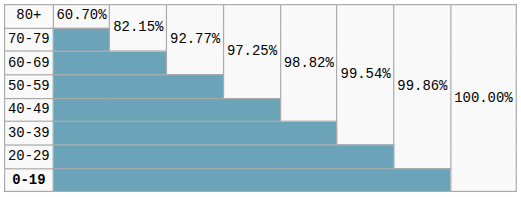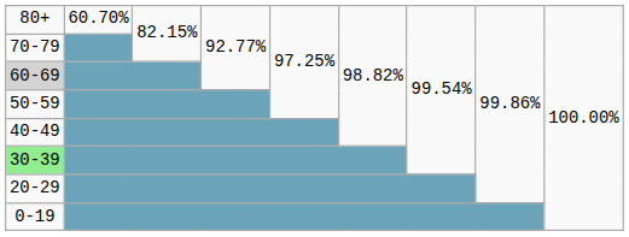 <table class="wikitable" style="text-align:center; font-size:90%">
 <tr>
 <td>80+</td>
 <td>60.70%</td>
 <td rowspan="2">82.15%</td>
 <td rowspan="3">92.77%</td>
 <td rowspan="4">97.25%</td>
 <td rowspan="5">98.82%</td>
 <td rowspan="6">99.54%</td>
 <td rowspan="7">99.86%</td>
 <td rowspan="8">100.00%</td>
 </tr>
 <tr>
 <td>70-79</td>
 <td style="background:#6BA4B8"></td>
 </tr>
 <tr>
-<td>60-69</td>
+<td style="background: lightgrey;">60-69</td>
 <td colspan="2" style="background:#6BA4B8"></td>
 </tr>
 <tr>
 <td>50-59</td>
 <td colspan="3" style="background:#6BA4B8"></td>
 </tr>
 <tr>
 <td>40-49</td>
 <td colspan="4" style="background:#6BA4B8"></td>
 </tr>
 <tr>
-<td>30-39</td>
+<td style="background: lightgreen;">30-39</td>
 <td colspan="5" style="background:#6BA4B8"></td>
 </tr>
 <tr>
 <td>20-29</td>
 <td colspan="6" style="background:#6BA4B8"></td>
 </tr>
 <tr>
-<td><strong>0-19</strong></td>
+<td>0-19</td>
 <td colspan="7" style="background:#6BA4B8"></td>
 </tr>
 </table>
